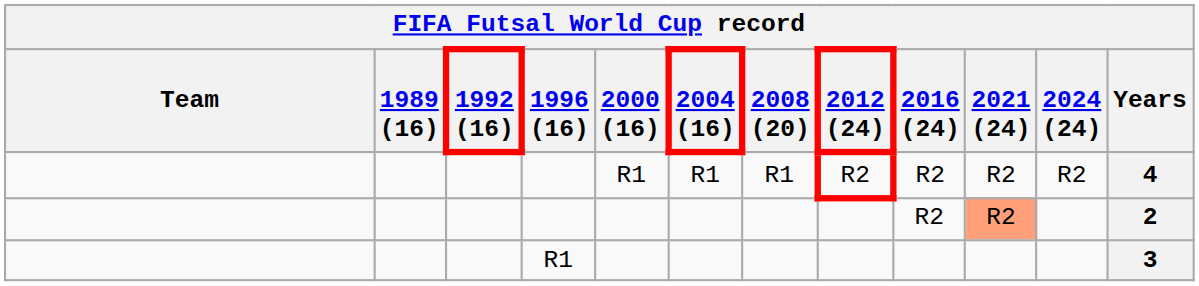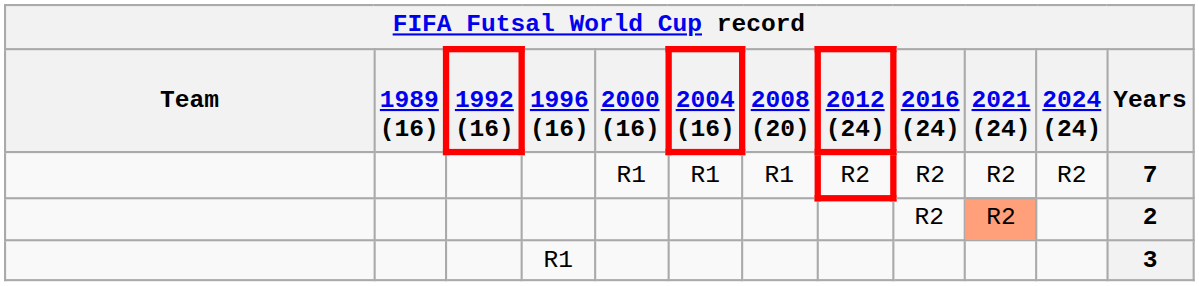 <table class="wikitable" style="text-align:center; font-size:90%">
 <tr>
 <th colspan=12><a href='#'>FIFA Futsal World Cup</a> record</th>
 </tr>
 <tr>
 <th width=170>Team</th>
 <th><br><a href='#'>1989</a><br>(16)</th>
 <th style="border:3px solid red"><br><a href='#'>1992</a><br>(16)</th>
 <th><br><a href='#'>1996</a><br>(16)</th>
 <th><br><a href='#'>2000</a><br>(16)</th>
 <th style="border:3px solid red"><br><a href='#'>2004</a><br>(16)</th>
 <th><br><a href='#'>2008</a><br>(20)</th>
 <th style="border:3px solid red"><br><a href='#'>2012</a><br>(24)</th>
 <th><br><a href='#'>2016</a><br>(24)</th>
 <th><br><a href='#'>2021</a><br>(24)</th>
 <th><br><a href='#'>2024</a><br>(24)</th>
 <th>Years</th>
 </tr>
 <tr>
 <td align="left"></td>
 <td></td>
 <td></td>
 <td></td>
 <td>R1</td>
 <td>R1</td>
 <td>R1</td>
 <td style="border: 3px solid red">R2</td>
 <td>R2</td>
 <td>R2</td>
 <td>R2</td>
-<th>4</th>
+<th>7</th>
 </tr>
 <tr>
 <td align=left></td>
 <td></td>
 <td></td>
 <td></td>
 <td></td>
 <td></td>
 <td></td>
 <td></td>
 <td>R2</td>
 <td style="background: lightsalmon;">R2</td>
 <td></td>
 <th>2</th>
 </tr>
 <tr>
 <td align="left"></td>
 <td></td>
 <td></td>
 <td>R1</td>
 <td></td>
 <td></td>
 <td></td>
 <td></td>
 <td></td>
 <td></td>
 <td></td>
 <th>3</th>
 </tr>
 </table>
